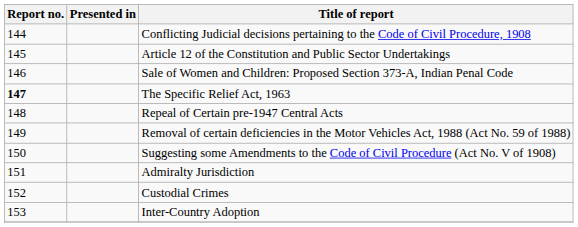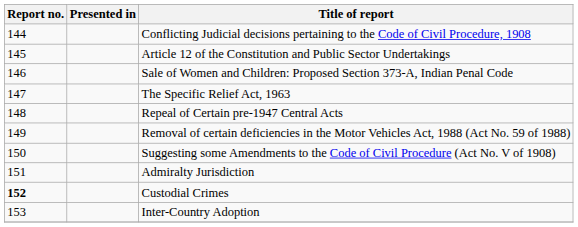 <table class="wikitable">
 <tr>
 <th>Report no.</th>
 <th>Presented in</th>
 <th>Title of report</th>
 </tr>
 <tr>
 <td>144</td>
 <td></td>
 <td>Conflicting Judicial decisions pertaining to the <a href='#'>Code of Civil Procedure, 1908</a></td>
 </tr>
 <tr>
 <td>145</td>
 <td></td>
 <td>Article 12 of the Constitution and Public Sector Undertakings</td>
 </tr>
 <tr>
 <td>146</td>
 <td></td>
 <td>Sale of Women and Children: Proposed Section 373-A, Indian Penal Code</td>
 </tr>
 <tr>
-<td><strong>147</strong></td>
+<td>147</td>
 <td></td>
 <td>The Specific Relief Act, 1963</td>
 </tr>
 <tr>
 <td>148</td>
 <td></td>
 <td>Repeal of Certain pre-1947 Central Acts</td>
 </tr>
 <tr>
 <td>149</td>
 <td></td>
 <td>Removal of certain deficiencies in the Motor Vehicles Act, 1988 (Act No. 59 of 1988)</td>
 </tr>
 <tr>
 <td>150</td>
 <td></td>
 <td>Suggesting some Amendments to the <a href='#'>Code of Civil Procedure</a> (Act No. V of 1908)</td>
 </tr>
 <tr>
 <td>151</td>
 <td></td>
 <td>Admiralty Jurisdiction</td>
 </tr>
 <tr>
-<td>152</td>
+<td><strong>152</strong></td>
 <td></td>
 <td>Custodial Crimes</td>
 </tr>
 <tr>
 <td>153</td>
 <td></td>
 <td>Inter-Country Adoption</td>
 </tr>
 <tr>
 </tr>
 </table>
